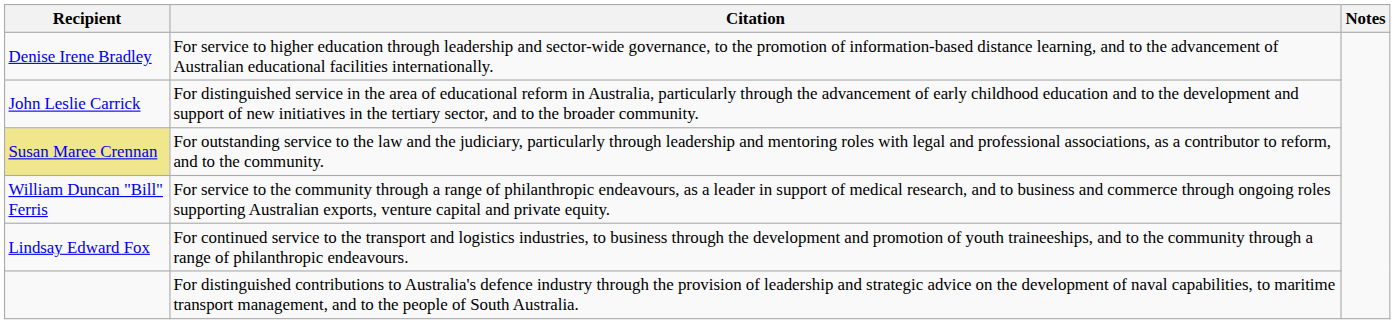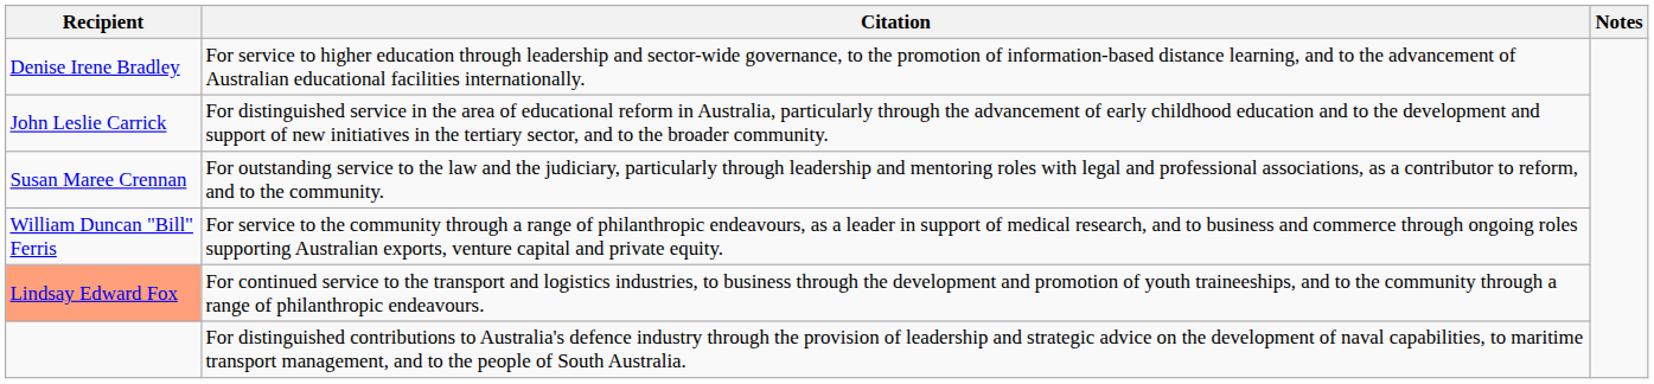 <table class="wikitable" style="font-size:95%;">
 <tr>
 <th>Recipient</th>
 <th>Citation</th>
 <th>Notes</th>
 </tr>
 <tr>
 <td> <a href='#'>Denise Irene Bradley</a> </td>
 <td>For service to higher education through leadership and sector-wide governance, to the promotion of information-based distance learning, and to the advancement of Australian educational facilities internationally.</td>
 <td rowspan=6></td>
 </tr>
 <tr>
 <td> <a href='#'>John Leslie Carrick</a> </td>
 <td>For distinguished service in the area of educational reform in Australia, particularly through the advancement of early childhood education and to the development and support of new initiatives in the tertiary sector, and to the broader community.</td>
 </tr>
 <tr>
-<td style="background: khaki;"> <a href='#'>Susan Maree Crennan</a></td>
+<td> <a href='#'>Susan Maree Crennan</a></td>
 <td>For outstanding service to the law and the judiciary, particularly through leadership and mentoring roles with legal and professional associations, as a contributor to reform, and to the community.</td>
 </tr>
 <tr>
 <td><a href='#'>William Duncan "Bill" Ferris</a> </td>
 <td>For service to the community through a range of philanthropic endeavours, as a leader in support of medical research, and to business and commerce through ongoing roles supporting Australian exports, venture capital and private equity.</td>
 </tr>
 <tr>
-<td><a href='#'>Lindsay Edward Fox</a> </td>
+<td style="background: lightsalmon;"><a href='#'>Lindsay Edward Fox</a> </td>
 <td>For continued service to the transport and logistics industries, to business through the development and promotion of youth traineeships, and to the community through a range of philanthropic endeavours.</td>
 </tr>
 <tr>
 <td></td>
 <td>For distinguished contributions to Australia's defence industry through the provision of leadership and strategic advice on the development of naval capabilities, to maritime transport management, and to the people of South Australia.</td>
 </tr>
 </table>
